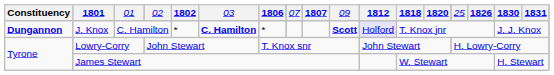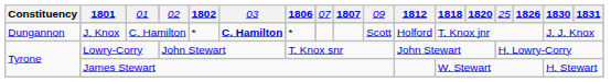 <table class="wikitable" style="border-collapse: separate; border-spacing: 0;">
 <tr>
 <th>Constituency</th>
 <th><a href='#'>1801</a></th>
 <th style="font-weight: normal;"><em><a href='#'>01</a></em></th>
 <th style="font-weight: normal;"><em><a href='#'>02</a></em></th>
 <th><a href='#'>1802</a></th>
 <th style="font-weight: normal;"><em><a href='#'>03</a></em></th>
 <th><a href='#'>1806</a></th>
 <th style="font-weight: normal;"><em><a href='#'>07</a></em></th>
 <th><a href='#'>1807</a></th>
 <th style="font-weight: normal;"><em><a href='#'>09</a></em></th>
 <th><a href='#'>1812</a></th>
 <th><a href='#'>1818</a></th>
 <th><a href='#'>1820</a></th>
 <th style="font-weight: normal;"><em><a href='#'>25</a></em></th>
 <th><a href='#'>1826</a></th>
 <th><a href='#'>1830</a></th>
 <th><a href='#'>1831</a></th>
 </tr>
 <tr>
-<td><strong><a href='#'>Dungannon</a></strong></td>
+<td><a href='#'>Dungannon</a></td>
 <td><a href='#'>J. Knox</a></td>
 <td colspan="2"><a href='#'>C. Hamilton</a></td>
 <td>*</td>
 <td><strong><a href='#'>C. Hamilton</a></strong></td>
 <td>*</td>
 <td></td>
 <td></td>
-<td><strong><a href='#'>Scott</a></strong></td>
-<td style="background: lavender;"><a href='#'>Holford</a></td>
+<td><a href='#'>Scott</a></td>
+<td><a href='#'>Holford</a></td>
 <td colspan="4"><a href='#'>T. Knox jnr</a></td>
 <td colspan="2"><a href='#'>J. J. Knox</a></td>
 </tr>
 <tr>
 <td rowspan="2"><a href='#'>Tyrone</a></td>
 <td colspan="2"><a href='#'>Lowry-Corry</a></td>
 <td colspan="3"><a href='#'>John Stewart</a></td>
 <td colspan="4"><a href='#'>T. Knox snr</a></td>
 <td colspan="3"><a href='#'>John Stewart</a></td>
 <td colspan="4"><a href='#'>H. Lowry-Corry</a></td>
 </tr>
 <tr>
 <td colspan="9"><a href='#'>James Stewart</a></td>
 <td></td>
 <td colspan="4"><a href='#'>W. Stewart</a></td>
 <td colspan="2"><a href='#'>H. Stewart</a></td>
 </tr>
 </table>
